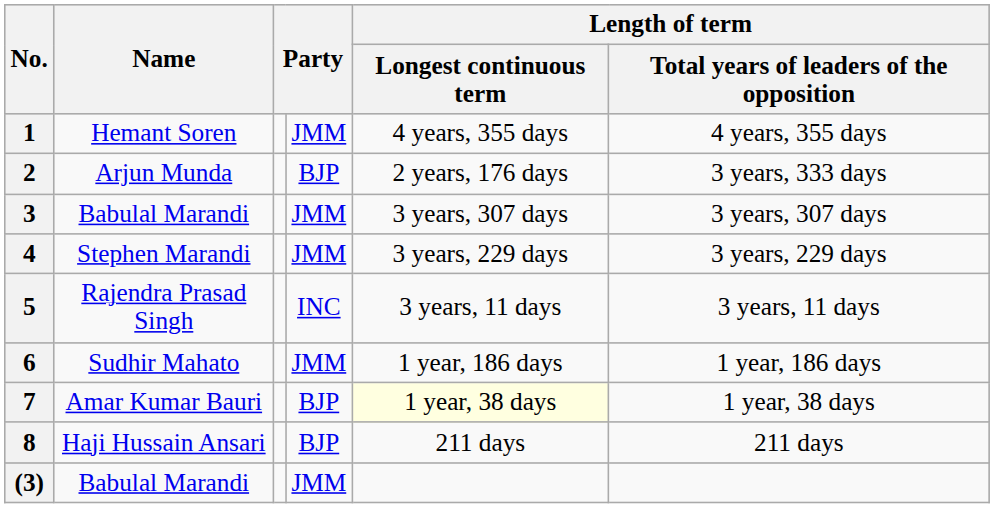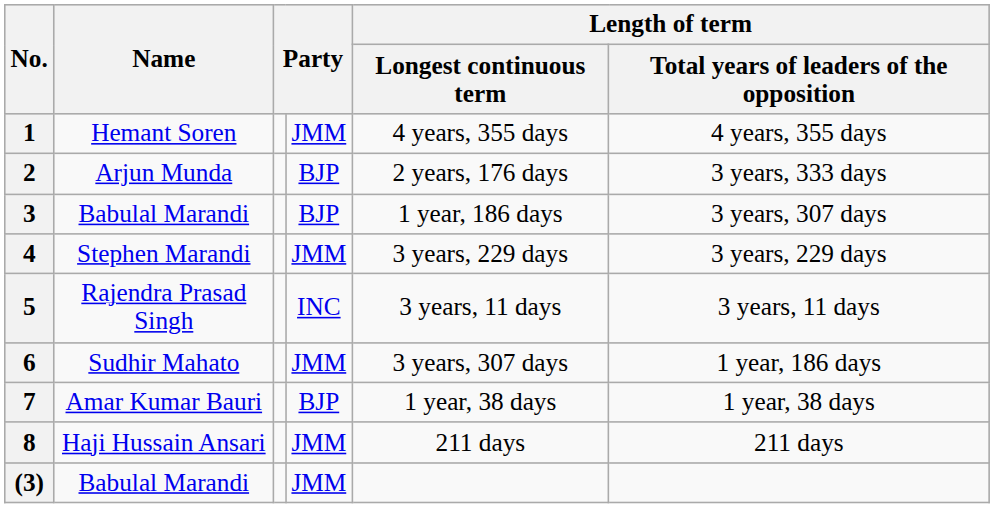 <table class="wikitable sortable" style="width:100%; text-align:center">
 <tr>
 <th rowspan=2>No.</th>
 <th rowspan=2>Name</th>
 <th rowspan=2 colspan=2>Party</th>
 <th colspan=2>Length of term</th>
 </tr>
 <tr>
 <th>Longest continuous term</th>
 <th>Total years of leaders of the opposition</th>
 </tr>
 <tr>
 <th>1</th>
 <td><a href='#'>Hemant Soren</a></td>
 <td style="background-color:"></td>
 <td><a href='#'>JMM</a></td>
 <td>4 years, 355 days</td>
 <td>4 years, 355 days</td>
 </tr>
 <tr>
 <th>2</th>
 <td><a href='#'>Arjun Munda</a></td>
 <td style="background-color:"></td>
 <td><a href='#'>BJP</a></td>
 <td>2 years, 176 days</td>
 <td>3 years, 333 days</td>
 </tr>
 <tr>
 <th>3</th>
 <td><a href='#'>Babulal Marandi</a></td>
 <td style="background-color:"></td>
-<td><a href='#'>JMM</a></td>
-<td>3 years, 307 days</td>
+<td><a href='#'>BJP</a></td>
+<td>1 year, 186 days</td>
 <td>3 years, 307 days</td>
 </tr>
 <tr>
 <th>4</th>
 <td><a href='#'>Stephen Marandi</a></td>
 <td style="background-color:"></td>
 <td><a href='#'>JMM</a></td>
 <td>3 years, 229 days</td>
 <td>3 years, 229 days</td>
 </tr>
 <tr>
 <th>5</th>
 <td><a href='#'>Rajendra Prasad Singh</a></td>
 <td style="background-color:"></td>
 <td><a href='#'>INC</a></td>
 <td>3 years, 11 days</td>
 <td>3 years, 11 days</td>
 </tr>
 <tr>
 <th>6</th>
 <td><a href='#'>Sudhir Mahato</a></td>
 <td style="background-color:"></td>
 <td><a href='#'>JMM</a></td>
-<td>1 year, 186 days</td>
+<td>3 years, 307 days</td>
 <td>1 year, 186 days</td>
 </tr>
 <tr>
 <th>7</th>
 <td><a href='#'>Amar Kumar Bauri</a></td>
 <td style="background-color:"></td>
 <td><a href='#'>BJP</a></td>
-<td style="background: lightyellow;">1 year, 38 days</td>
+<td>1 year, 38 days</td>
 <td>1 year, 38 days</td>
 </tr>
 <tr>
 <th>8</th>
 <td><a href='#'>Haji Hussain Ansari</a></td>
 <td style="background-color:"></td>
-<td><a href='#'>BJP</a></td>
+<td><a href='#'>JMM</a></td>
 <td>211 days</td>
 <td>211 days</td>
 </tr>
 <tr>
 <th>(3)</th>
 <td><a href='#'>Babulal Marandi</a></td>
 <td style="background-color:"></td>
 <td><a href='#'>JMM</a></td>
 <td></td>
 <td></td>
 </tr>
 </table>
